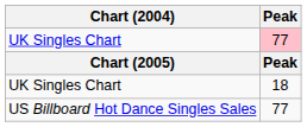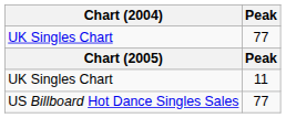 <table class="wikitable sortable">
 <tr>
 <th align="left">Chart (2004)</th>
 <th align="left">Peak</th>
 </tr>
 <tr>
 <td align="left"><a href='#'>UK Singles Chart</a></td>
-<td style="background: pink; text-align:center;">77</td>
+<td style="text-align:center;">77</td>
 </tr>
 <tr>
 <th align="left">Chart (2005)</th>
 <th align="left">Peak</th>
 </tr>
 <tr>
 <td align="left">UK Singles Chart</td>
-<td style="text-align:center;">18</td>
+<td style="text-align:center;">11</td>
 </tr>
 <tr>
 <td align="left">US <em>Billboard</em> <a href='#'>Hot Dance Singles Sales</a></td>
 <td style="text-align:center;">77</td>
 </tr>
 </table>
